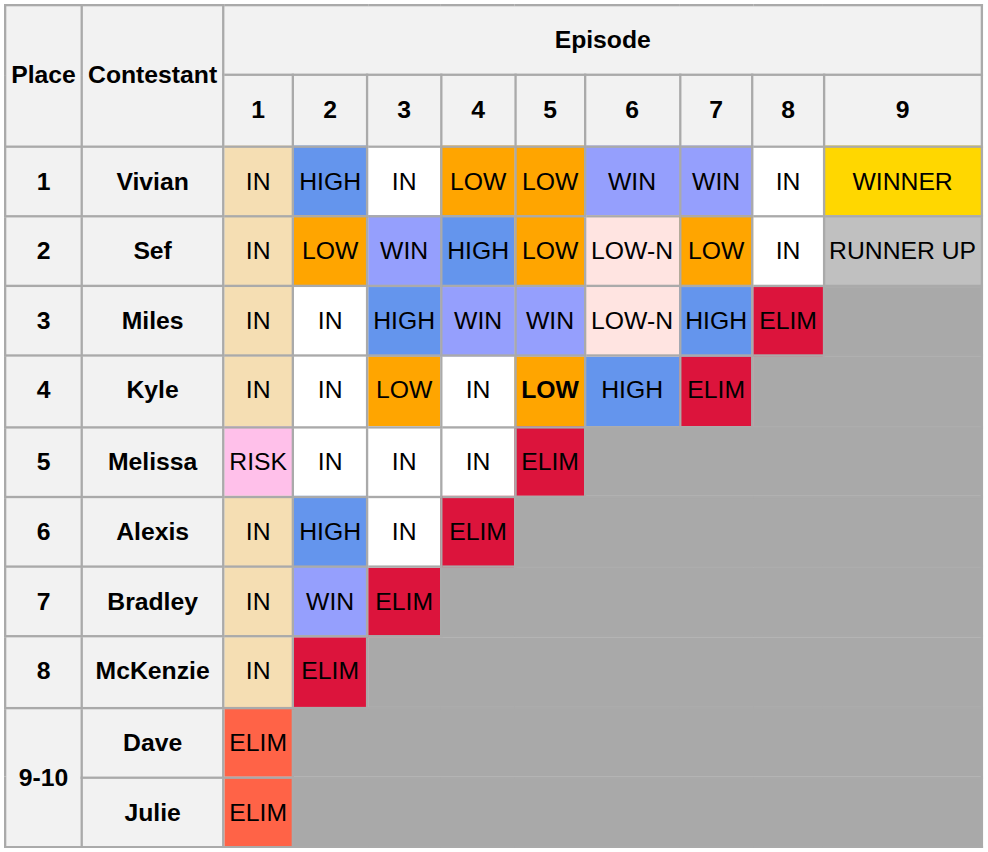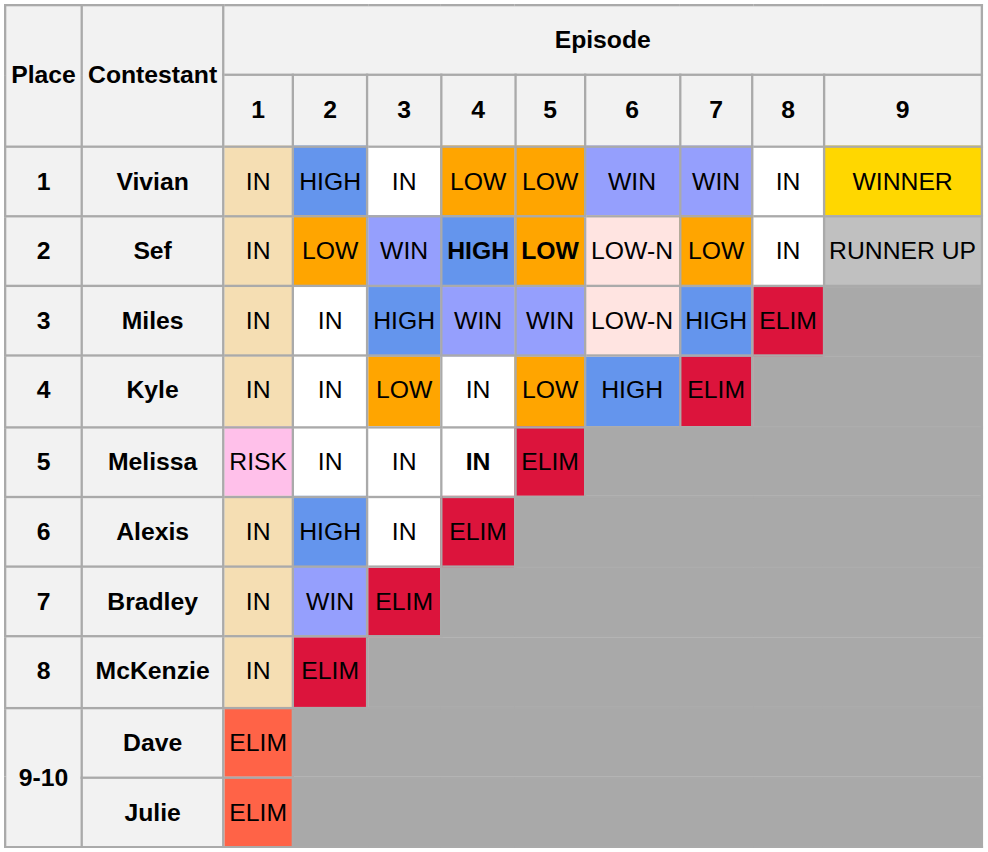 <table class="wikitable" style="text-align: center; font-size: 8pt; line-height:25px;">
 <tr>
 <th rowspan="2">Place</th>
 <th rowspan="2">Contestant</th>
 <th colspan="9">Episode</th>
 </tr>
 <tr>
 <th>1</th>
 <th>2</th>
 <th>3</th>
 <th>4</th>
 <th>5</th>
 <th>6</th>
 <th>7</th>
 <th>8</th>
 <th>9</th>
 </tr>
 <tr>
 <th>1</th>
 <th>Vivian</th>
 <td style="background:wheat;">IN</td>
 <td style="background:cornflowerblue;">HIGH</td>
 <td style="background:white;">IN</td>
 <td style="background:orange;">LOW</td>
 <td style="background:orange;">LOW</td>
 <td style="background:#959FFD;">WIN</td>
 <td style="background:#959FFD;">WIN</td>
 <td style="background:white;">IN</td>
 <td style="background:gold;">WINNER</td>
 </tr>
 <tr>
 <th>2</th>
 <th>Sef</th>
 <td style="background:wheat;">IN</td>
 <td style="background:orange;">LOW</td>
 <td style="background:#959FFD;">WIN</td>
-<td style="background:cornflowerblue;">HIGH</td>
-<td style="background:orange;">LOW</td>
+<td style="background:cornflowerblue;"><strong>HIGH</strong></td>
+<td style="background:orange;"><strong>LOW</strong></td>
 <td style="background:mistyrose;">LOW-N</td>
 <td style="background:orange;">LOW</td>
 <td style="background:white;">IN</td>
 <td style="background:silver;">RUNNER UP</td>
 </tr>
 <tr>
 <th>3</th>
 <th>Miles</th>
 <td style="background:wheat;">IN</td>
 <td style="background:white;">IN</td>
 <td style="background:cornflowerblue;">HIGH</td>
 <td style="background:#959FFD;">WIN</td>
 <td style="background:#959FFD;">WIN</td>
 <td style="background:mistyrose;">LOW-N</td>
 <td style="background:cornflowerblue;">HIGH</td>
 <td style="background:crimson;">ELIM</td>
 <td style="background:darkgrey;" colspan="2"></td>
 </tr>
 <tr>
 <th>4</th>
 <th>Kyle</th>
 <td style="background:wheat;">IN</td>
 <td style="background:white;">IN</td>
 <td style="background:orange;">LOW</td>
 <td style="background:white;">IN</td>
-<td style="background:orange;"><strong>LOW</strong></td>
+<td style="background:orange;">LOW</td>
 <td style="background:cornflowerblue;">HIGH</td>
 <td style="background:crimson;">ELIM</td>
 <td style="background:darkgrey;" colspan="3"></td>
 </tr>
 <tr>
 <th>5</th>
 <th>Melissa</th>
 <td style="background:#FFC0EA;">RISK</td>
 <td style="background:white;">IN</td>
 <td style="background:white;">IN</td>
-<td style="background:white;">IN</td>
+<td style="background:white;"><strong>IN</strong></td>
 <td style="background:crimson;">ELIM</td>
 <td style="background:darkgrey;" colspan="4"></td>
 </tr>
 <tr>
 <th>6</th>
 <th>Alexis</th>
 <td style="background:wheat;">IN</td>
 <td style="background:cornflowerblue;">HIGH</td>
 <td style="background:white;">IN</td>
 <td style="background:crimson;">ELIM</td>
 <td style="background:darkgrey;" colspan="5"></td>
 </tr>
 <tr>
 <th>7</th>
 <th>Bradley</th>
 <td style="background:wheat;">IN</td>
 <td style="background:#959FFD;">WIN</td>
 <td style="background:crimson;">ELIM</td>
 <td style="background:darkgrey;" colspan="6"></td>
 </tr>
 <tr>
 <th>8</th>
 <th>McKenzie</th>
 <td style="background:wheat;">IN</td>
 <td style="background:crimson;">ELIM</td>
 <td style="background:darkgrey;" colspan="7"></td>
 </tr>
 <tr>
 <th rowspan="2">9-10</th>
 <th>Dave</th>
 <td style="background:tomato;">ELIM</td>
 <td style="background:darkgrey;" colspan="8"></td>
 </tr>
 <tr>
 <th>Julie</th>
 <td style="background:tomato;">ELIM</td>
 <td style="background:darkgrey;" colspan="8"></td>
 </tr>
 <tr>
 </tr>
 </table>
